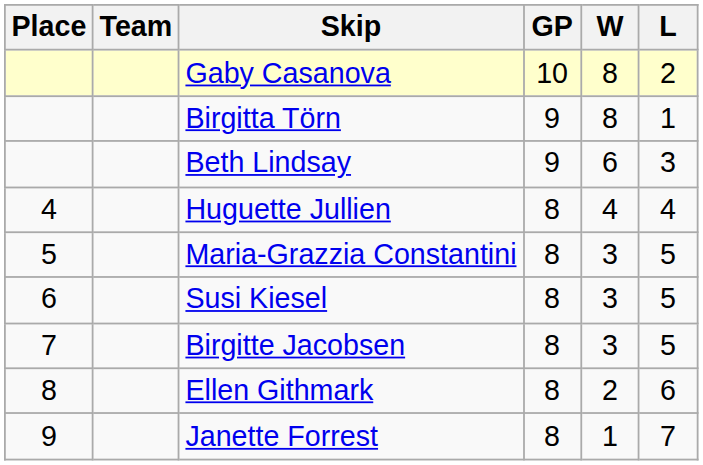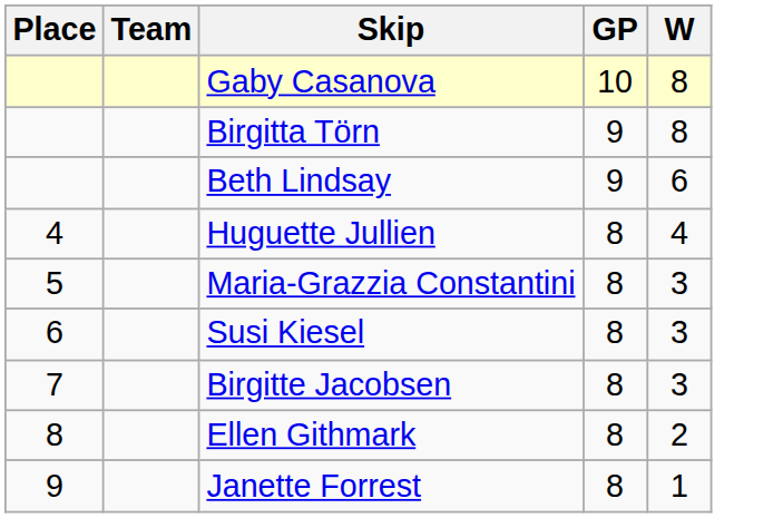 <table class="wikitable" style="text-align:center;">
 <tr>
 <th>Place</th>
 <th>Team</th>
 <th>Skip</th>
 <th width="25">GP</th>
 <th width="25">W</th>
-<th width="25">L</th>
 </tr>
 <tr bgcolor="#ffffcc">
 <td></td>
 <td align=left></td>
 <td align=left><a href='#'>Gaby Casanova</a></td>
 <td>10</td>
 <td>8</td>
-<td>2</td>
 </tr>
 <tr>
 <td></td>
 <td align=left></td>
 <td align=left><a href='#'>Birgitta Törn</a></td>
 <td>9</td>
 <td>8</td>
-<td>1</td>
 </tr>
 <tr>
 <td></td>
 <td align=left></td>
 <td align=left><a href='#'>Beth Lindsay</a></td>
 <td>9</td>
 <td>6</td>
-<td>3</td>
 </tr>
 <tr>
 <td>4</td>
 <td align=left></td>
 <td align=left><a href='#'>Huguette Jullien</a></td>
 <td>8</td>
-<td>4</td>
 <td>4</td>
 </tr>
 <tr>
 <td>5</td>
 <td align=left></td>
 <td align=left><a href='#'>Maria-Grazzia Constantini</a></td>
 <td>8</td>
 <td>3</td>
-<td>5</td>
 </tr>
 <tr>
 <td>6</td>
 <td align=left></td>
 <td align=left><a href='#'>Susi Kiesel</a></td>
 <td>8</td>
 <td>3</td>
-<td>5</td>
 </tr>
 <tr>
 <td>7</td>
 <td align=left></td>
 <td align=left><a href='#'>Birgitte Jacobsen</a></td>
 <td>8</td>
 <td>3</td>
-<td>5</td>
 </tr>
 <tr>
 <td>8</td>
 <td align=left></td>
 <td align=left><a href='#'>Ellen Githmark</a></td>
 <td>8</td>
 <td>2</td>
-<td>6</td>
 </tr>
 <tr>
 <td>9</td>
 <td align=left></td>
 <td align=left><a href='#'>Janette Forrest</a></td>
 <td>8</td>
 <td>1</td>
-<td>7</td>
 </tr>
 </table>
